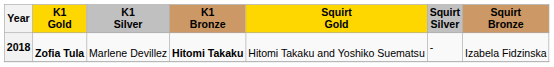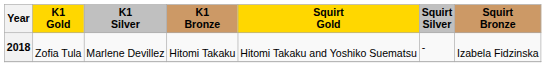 <table class="wikitable sortable">
 <tr>
 <th>Year</th>
 <th style="background:Gold">K1 <br> Gold</th>
 <th style="background:Silver">K1 <br> Silver</th>
 <th style="background:#c96">K1 <br> Bronze</th>
 <th style="background:Gold">Squirt <br> Gold</th>
 <th style="background:Silver">Squirt <br> Silver</th>
 <th style="background:#c96">Squirt <br> Bronze</th>
 </tr>
 <tr>
 <th>2018</th>
-<td><strong> <br>Zofia Tula</strong></td>
+<td> <br>Zofia Tula</td>
 <td> <br>Marlene Devillez</td>
-<td><strong> <br>Hitomi Takaku</strong></td>
+<td> <br>Hitomi Takaku</td>
 <td> <br> Hitomi Takaku and Yoshiko Suematsu</td>
 <td>-</td>
 <td> <br>Izabela Fidzinska</td>
 </tr>
 <tr>
 </tr>
 <tr>
 </tr>
 </table>
